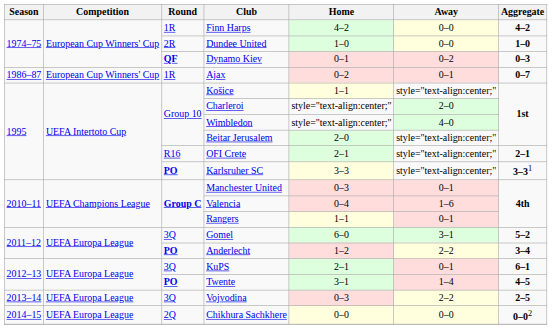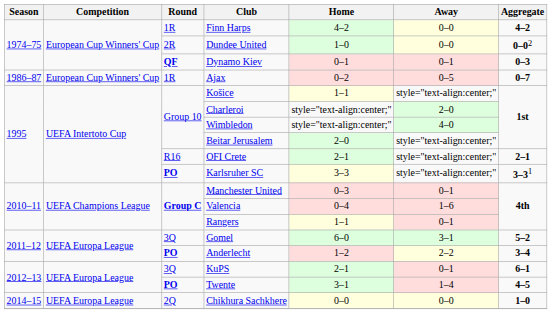 <table class="wikitable">
 <tr>
 <th>Season</th>
 <th>Competition</th>
 <th>Round</th>
 <th>Club</th>
 <th>Home</th>
 <th>Away</th>
 <th>Aggregate</th>
 </tr>
 <tr>
 <td rowspan="3"><a href='#'>1974–75</a></td>
 <td rowspan="3"><a href='#'>European Cup Winners' Cup</a></td>
 <td><a href='#'>1R</a></td>
 <td> <a href='#'>Finn Harps</a></td>
 <td style="text-align:center; background:#dfd;">4–2</td>
 <td style="text-align:center; background:#ffd;">0–0</td>
 <td style="text-align:center;"><strong>4–2</strong></td>
 </tr>
 <tr>
 <td><a href='#'>2R</a></td>
 <td> <a href='#'>Dundee United</a></td>
 <td style="text-align:center; background:#dfd;">1–0</td>
 <td style="text-align:center; background:#ffd;">0–0</td>
-<td style="text-align:center;"><strong>1–0</strong></td>
+<td style="text-align:center;"><strong>0–0</strong><sup>2</sup></td>
 </tr>
 <tr>
 <td><a href='#'><strong>QF</strong></a></td>
 <td> <a href='#'>Dynamo Kiev</a></td>
 <td style="text-align:center; background:#fdd;">0–1</td>
-<td style="text-align:center; background:#fdd;">0–2</td>
+<td style="text-align:center; background:#fdd;">0–1</td>
 <td style="text-align:center;"><strong>0–3</strong></td>
 </tr>
 <tr>
 <td><a href='#'>1986–87</a></td>
 <td><a href='#'>European Cup Winners' Cup</a></td>
 <td><a href='#'>1R</a></td>
 <td> <a href='#'>Ajax</a></td>
 <td style="text-align:center; background:#fdd;">0–2</td>
-<td style="text-align:center; background:#fdd;">0–1</td>
+<td style="text-align:center; background:#fdd;">0–5</td>
 <td style="text-align:center;"><strong>0–7</strong></td>
 </tr>
 <tr>
 <td rowspan="6"><a href='#'>1995</a></td>
 <td rowspan="6"><a href='#'>UEFA Intertoto Cup</a></td>
 <td rowspan="4"><a href='#'>Group 10</a></td>
 <td> <a href='#'>Košice</a></td>
 <td style="text-align:center; background:#ffd;">1–1</td>
 <td>style="text-align:center;" </td>
 <td rowspan=4 style="text-align:center;"><strong>1st</strong></td>
 </tr>
 <tr>
 <td> <a href='#'>Charleroi</a></td>
 <td>style="text-align:center;" </td>
 <td style="text-align:center; background:#dfd;">2–0</td>
 </tr>
 <tr>
 <td> <a href='#'>Wimbledon</a></td>
 <td>style="text-align:center;" </td>
 <td style="text-align:center; background:#dfd;">4–0</td>
 </tr>
 <tr>
 <td> <a href='#'>Beitar Jerusalem</a></td>
 <td style="text-align:center; background:#dfd;">2–0</td>
 <td>style="text-align:center;" </td>
 </tr>
 <tr>
 <td><a href='#'>R16</a></td>
 <td> <a href='#'>OFI Crete</a></td>
 <td style="text-align:center; background:#dfd;">2–1</td>
 <td>style="text-align:center;" </td>
 <td style="text-align:center;"><strong>2–1</strong></td>
 </tr>
 <tr>
 <td><a href='#'><strong>PO</strong></a></td>
 <td> <a href='#'>Karlsruher SC</a></td>
 <td style="text-align:center; background:#ffd;">3–3</td>
 <td>style="text-align:center;" </td>
 <td style="text-align:center;"><strong>3–3</strong><sup>1</sup></td>
 </tr>
 <tr>
 <td rowspan="3"><a href='#'>2010–11</a></td>
 <td rowspan="3"><a href='#'>UEFA Champions League</a></td>
 <td rowspan="3"><a href='#'><strong>Group C</strong></a></td>
 <td> <a href='#'>Manchester United</a></td>
 <td style="text-align:center; background:#fdd;">0–3</td>
 <td style="text-align:center; background:#fdd;">0–1</td>
 <td rowspan=3 style="text-align:center;"><strong>4th</strong></td>
 </tr>
 <tr>
 <td> <a href='#'>Valencia</a></td>
 <td style="text-align:center; background:#fdd;">0–4</td>
 <td style="text-align:center; background:#fdd;">1–6</td>
 </tr>
 <tr>
 <td> <a href='#'>Rangers</a></td>
 <td style="text-align:center; background:#ffd;">1–1</td>
 <td style="text-align:center; background:#fdd;">0–1</td>
 </tr>
 <tr>
 <td rowspan="2"><a href='#'>2011–12</a></td>
 <td rowspan="2"><a href='#'>UEFA Europa League</a></td>
 <td><a href='#'>3Q</a></td>
 <td> <a href='#'>Gomel</a></td>
 <td style="text-align:center; background:#dfd;">6–0</td>
 <td style="text-align:center; background:#dfd;">3–1</td>
 <td style="text-align:center;"><strong>5–2</strong></td>
 </tr>
 <tr>
 <td><a href='#'><strong>PO</strong></a></td>
 <td> <a href='#'>Anderlecht</a></td>
 <td style="text-align:center; background:#fdd;">1–2</td>
 <td style="text-align:center; background:#ffd;">2–2</td>
 <td style="text-align:center;"><strong>3–4</strong></td>
 </tr>
 <tr>
 <td rowspan="2"><a href='#'>2012–13</a></td>
 <td rowspan="2"><a href='#'>UEFA Europa League</a></td>
 <td><a href='#'>3Q</a></td>
 <td> <a href='#'>KuPS</a></td>
 <td style="text-align:center; background:#dfd;">2–1</td>
 <td style="text-align:center; background:#fdd;">0–1</td>
 <td style="text-align:center;"><strong>6–1</strong></td>
 </tr>
 <tr>
 <td><a href='#'><strong>PO</strong></a></td>
 <td> <a href='#'>Twente</a></td>
 <td style="text-align:center; background:#dfd;">3–1</td>
 <td style="text-align:center; background:#fdd;">1–4</td>
 <td style="text-align:center;"><strong>4–5</strong></td>
 </tr>
 <tr>
-<td><a href='#'>2013–14</a></td>
-<td><a href='#'>UEFA Europa League</a></td>
-<td><a href='#'>3Q</a></td>
-<td> <a href='#'>Vojvodina</a></td>
-<td style="text-align:center; background:#fdd;">0–3</td>
-<td style="text-align:center; background:#ffd;">2–2</td>
-<td style="text-align:center;"><strong>2–5</strong></td>
-</tr>
-<tr>
 <td><a href='#'>2014–15</a></td>
 <td><a href='#'>UEFA Europa League</a></td>
 <td><a href='#'>2Q</a></td>
 <td> <a href='#'>Chikhura Sachkhere</a></td>
 <td style="text-align:center; background:#ffd;">0–0</td>
 <td style="text-align:center; background:#ffd;">0–0</td>
-<td style="text-align:center;"><strong>0–0</strong><sup>2</sup></td>
+<td style="text-align:center;"><strong>1–0</strong></td>
 </tr>
 <tr>
 </tr>
 </table>
